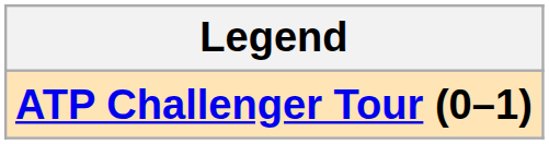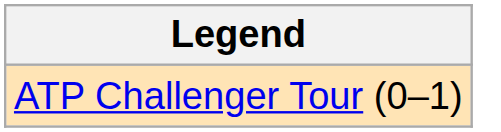 <table class="wikitable">
 <tr>
 <th>Legend</th>
 </tr>
 <tr style="background:moccasin">
-<td><strong><a href='#'>ATP Challenger Tour</a> (0–1)</strong></td>
+<td><a href='#'>ATP Challenger Tour</a> (0–1)</td>
 </tr>
 </table>
